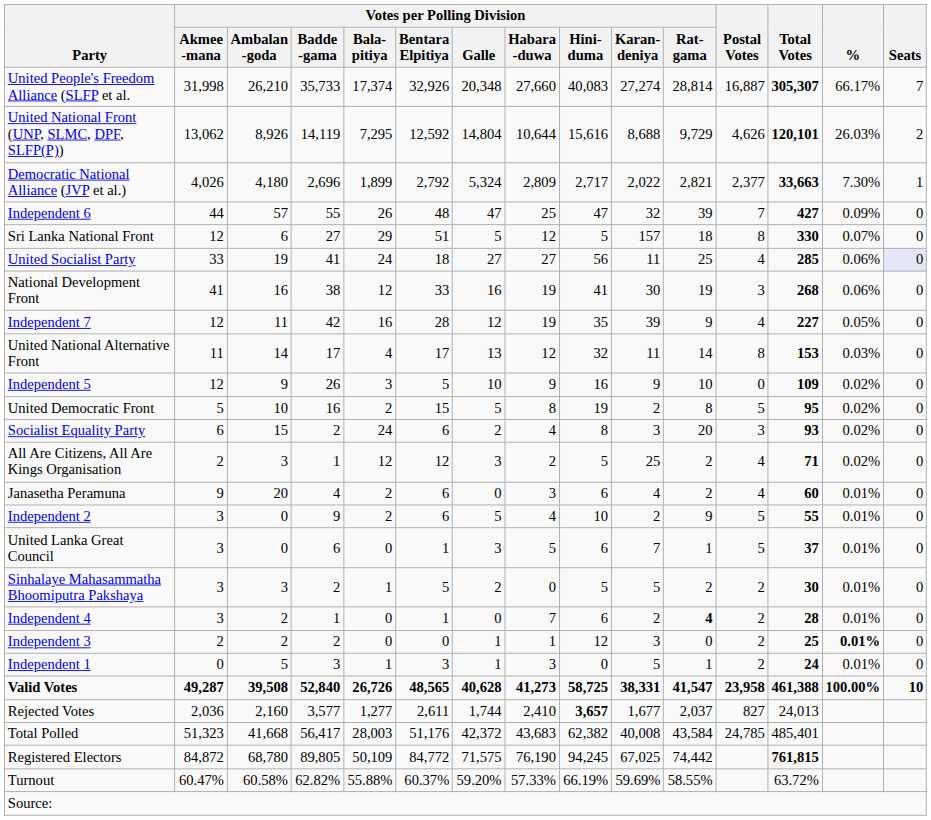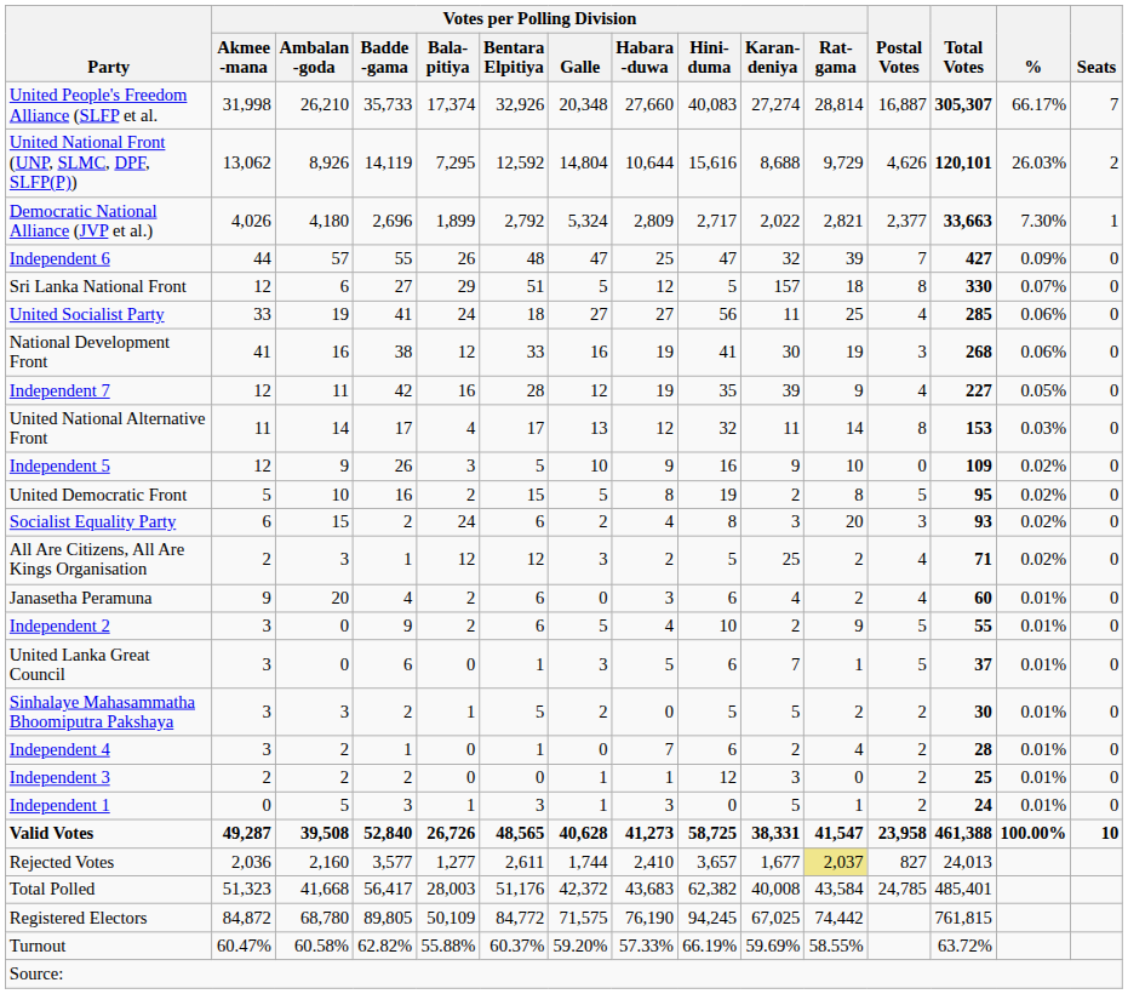 <table class="wikitable" border="1" style="text-align:right;">
 <tr>
 <th rowspan="2" align="left" valign="bottom" width="180">Party</th>
 <th colspan="10">Votes per Polling Division</th>
 <th rowspan="2" align="center" valign="bottom" width="50">Postal<br>Votes</th>
 <th rowspan="2" align="center" valign="bottom" width="50">Total Votes</th>
 <th rowspan="2" align="center" valign="bottom" width="50">%</th>
 <th rowspan="2" align="center" valign="bottom" width="40">Seats</th>
 </tr>
 <tr>
 <th align="center" valign="bottom" width="50">Akmee<br>-mana</th>
 <th align="center" valign="bottom" width="50">Ambalan<br>-goda</th>
 <th align="center" valign="bottom" width="50">Badde<br>-gama</th>
 <th align="center" valign="bottom" width="50">Bala-<br>pitiya</th>
 <th align="center" valign="bottom" width="50">Bentara<br>Elpitiya</th>
 <th align="center" valign="bottom" width="50">Galle</th>
 <th align="center" valign="bottom" width="50">Habara<br>-duwa</th>
 <th align="center" valign="bottom" width="50">Hini-<br>duma</th>
 <th align="center" valign="bottom" width="50">Karan-<br>deniya</th>
 <th align="center" valign="bottom" width="50">Rat-<br>gama</th>
 </tr>
 <tr>
 <td align="left"><a href='#'>United People's Freedom Alliance</a> (<a href='#'>SLFP</a> et al.</td>
 <td>31,998</td>
 <td>26,210</td>
 <td>35,733</td>
 <td>17,374</td>
 <td>32,926</td>
 <td>20,348</td>
 <td>27,660</td>
 <td>40,083</td>
 <td>27,274</td>
 <td>28,814</td>
 <td>16,887</td>
 <td><strong>305,307</strong></td>
 <td>66.17%</td>
 <td>7</td>
 </tr>
 <tr>
 <td align="left"><a href='#'>United National Front</a><br>(<a href='#'>UNP</a>, <a href='#'>SLMC</a>, <a href='#'>DPF</a>, <a href='#'>SLFP(P)</a>)</td>
 <td>13,062</td>
 <td>8,926</td>
 <td>14,119</td>
 <td>7,295</td>
 <td>12,592</td>
 <td>14,804</td>
 <td>10,644</td>
 <td>15,616</td>
 <td>8,688</td>
 <td>9,729</td>
 <td>4,626</td>
 <td><strong>120,101</strong></td>
 <td>26.03%</td>
 <td>2</td>
 </tr>
 <tr>
 <td align="left"><a href='#'>Democratic National Alliance</a> (<a href='#'>JVP</a> et al.)</td>
 <td>4,026</td>
 <td>4,180</td>
 <td>2,696</td>
 <td>1,899</td>
 <td>2,792</td>
 <td>5,324</td>
 <td>2,809</td>
 <td>2,717</td>
 <td>2,022</td>
 <td>2,821</td>
 <td>2,377</td>
 <td><strong>33,663</strong></td>
 <td>7.30%</td>
 <td>1</td>
 </tr>
 <tr>
 <td align="left"><a href='#'>Independent 6</a></td>
 <td>44</td>
 <td>57</td>
 <td>55</td>
 <td>26</td>
 <td>48</td>
 <td>47</td>
 <td>25</td>
 <td>47</td>
 <td>32</td>
 <td>39</td>
 <td>7</td>
 <td><strong>427</strong></td>
 <td>0.09%</td>
 <td>0</td>
 </tr>
 <tr>
 <td align="left">Sri Lanka National Front</td>
 <td>12</td>
 <td>6</td>
 <td>27</td>
 <td>29</td>
 <td>51</td>
 <td>5</td>
 <td>12</td>
 <td>5</td>
 <td>157</td>
 <td>18</td>
 <td>8</td>
 <td><strong>330</strong></td>
 <td>0.07%</td>
 <td>0</td>
 </tr>
 <tr>
 <td align="left"><a href='#'>United Socialist Party</a></td>
 <td>33</td>
 <td>19</td>
 <td>41</td>
 <td>24</td>
 <td>18</td>
 <td>27</td>
 <td>27</td>
 <td>56</td>
 <td>11</td>
 <td>25</td>
 <td>4</td>
 <td><strong>285</strong></td>
 <td>0.06%</td>
-<td style="background: lavender;">0</td>
+<td>0</td>
 </tr>
 <tr>
 <td align="left">National Development Front</td>
 <td>41</td>
 <td>16</td>
 <td>38</td>
 <td>12</td>
 <td>33</td>
 <td>16</td>
 <td>19</td>
 <td>41</td>
 <td>30</td>
 <td>19</td>
 <td>3</td>
 <td><strong>268</strong></td>
 <td>0.06%</td>
 <td>0</td>
 </tr>
 <tr>
 <td align="left"><a href='#'>Independent 7</a></td>
 <td>12</td>
 <td>11</td>
 <td>42</td>
 <td>16</td>
 <td>28</td>
 <td>12</td>
 <td>19</td>
 <td>35</td>
 <td>39</td>
 <td>9</td>
 <td>4</td>
 <td><strong>227</strong></td>
 <td>0.05%</td>
 <td>0</td>
 </tr>
 <tr>
 <td align="left">United National Alternative Front</td>
 <td>11</td>
 <td>14</td>
 <td>17</td>
 <td>4</td>
 <td>17</td>
 <td>13</td>
 <td>12</td>
 <td>32</td>
 <td>11</td>
 <td>14</td>
 <td>8</td>
 <td><strong>153</strong></td>
 <td>0.03%</td>
 <td>0</td>
 </tr>
 <tr>
 <td align="left"><a href='#'>Independent 5</a></td>
 <td>12</td>
 <td>9</td>
 <td>26</td>
 <td>3</td>
 <td>5</td>
 <td>10</td>
 <td>9</td>
 <td>16</td>
 <td>9</td>
 <td>10</td>
 <td>0</td>
 <td><strong>109</strong></td>
 <td>0.02%</td>
 <td>0</td>
 </tr>
 <tr>
 <td align="left">United Democratic Front</td>
 <td>5</td>
 <td>10</td>
 <td>16</td>
 <td>2</td>
 <td>15</td>
 <td>5</td>
 <td>8</td>
 <td>19</td>
 <td>2</td>
 <td>8</td>
 <td>5</td>
 <td><strong>95</strong></td>
 <td>0.02%</td>
 <td>0</td>
 </tr>
 <tr>
 <td align="left"><a href='#'>Socialist Equality Party</a></td>
 <td>6</td>
 <td>15</td>
 <td>2</td>
 <td>24</td>
 <td>6</td>
 <td>2</td>
 <td>4</td>
 <td>8</td>
 <td>3</td>
 <td>20</td>
 <td>3</td>
 <td><strong>93</strong></td>
 <td>0.02%</td>
 <td>0</td>
 </tr>
 <tr>
 <td align="left">All Are Citizens, All Are Kings Organisation</td>
 <td>2</td>
 <td>3</td>
 <td>1</td>
 <td>12</td>
 <td>12</td>
 <td>3</td>
 <td>2</td>
 <td>5</td>
 <td>25</td>
 <td>2</td>
 <td>4</td>
 <td><strong>71</strong></td>
 <td>0.02%</td>
 <td>0</td>
 </tr>
 <tr>
 <td align="left">Janasetha Peramuna</td>
 <td>9</td>
 <td>20</td>
 <td>4</td>
 <td>2</td>
 <td>6</td>
 <td>0</td>
 <td>3</td>
 <td>6</td>
 <td>4</td>
 <td>2</td>
 <td>4</td>
 <td><strong>60</strong></td>
 <td>0.01%</td>
 <td>0</td>
 </tr>
 <tr>
 <td align="left"><a href='#'>Independent 2</a></td>
 <td>3</td>
 <td>0</td>
 <td>9</td>
 <td>2</td>
 <td>6</td>
 <td>5</td>
 <td>4</td>
 <td>10</td>
 <td>2</td>
 <td>9</td>
 <td>5</td>
 <td><strong>55</strong></td>
 <td>0.01%</td>
 <td>0</td>
 </tr>
 <tr>
 <td align="left">United Lanka Great Council</td>
 <td>3</td>
 <td>0</td>
 <td>6</td>
 <td>0</td>
 <td>1</td>
 <td>3</td>
 <td>5</td>
 <td>6</td>
 <td>7</td>
 <td>1</td>
 <td>5</td>
 <td><strong>37</strong></td>
 <td>0.01%</td>
 <td>0</td>
 </tr>
 <tr>
 <td align="left"><a href='#'>Sinhalaye Mahasammatha Bhoomiputra Pakshaya</a></td>
 <td>3</td>
 <td>3</td>
 <td>2</td>
 <td>1</td>
 <td>5</td>
 <td>2</td>
 <td>0</td>
 <td>5</td>
 <td>5</td>
 <td>2</td>
 <td>2</td>
 <td><strong>30</strong></td>
 <td>0.01%</td>
 <td>0</td>
 </tr>
 <tr>
 <td align="left"><a href='#'>Independent 4</a></td>
 <td>3</td>
 <td>2</td>
 <td>1</td>
 <td>0</td>
 <td>1</td>
 <td>0</td>
 <td>7</td>
 <td>6</td>
 <td>2</td>
-<td><strong>4</strong></td>
+<td>4</td>
 <td>2</td>
 <td><strong>28</strong></td>
 <td>0.01%</td>
 <td>0</td>
 </tr>
 <tr>
 <td align="left"><a href='#'>Independent 3</a></td>
 <td>2</td>
 <td>2</td>
 <td>2</td>
 <td>0</td>
 <td>0</td>
 <td>1</td>
 <td>1</td>
 <td>12</td>
 <td>3</td>
 <td>0</td>
 <td>2</td>
 <td><strong>25</strong></td>
-<td><strong>0.01%</strong></td>
+<td>0.01%</td>
 <td>0</td>
 </tr>
 <tr>
 <td align="left"><a href='#'>Independent 1</a></td>
 <td>0</td>
 <td>5</td>
 <td>3</td>
 <td>1</td>
 <td>3</td>
 <td>1</td>
 <td>3</td>
 <td>0</td>
 <td>5</td>
 <td>1</td>
 <td>2</td>
 <td><strong>24</strong></td>
 <td>0.01%</td>
 <td>0</td>
 </tr>
 <tr>
 <td align="left"><strong>Valid Votes</strong></td>
 <td><strong>49,287</strong></td>
 <td><strong>39,508</strong></td>
 <td><strong>52,840</strong></td>
 <td><strong>26,726</strong></td>
 <td><strong>48,565</strong></td>
 <td><strong>40,628</strong></td>
 <td><strong>41,273</strong></td>
 <td><strong>58,725</strong></td>
 <td><strong>38,331</strong></td>
 <td><strong>41,547</strong></td>
 <td><strong>23,958</strong></td>
 <td><strong>461,388</strong></td>
 <td><strong>100.00%</strong></td>
 <td><strong>10</strong></td>
 </tr>
 <tr>
 <td align="left">Rejected Votes</td>
 <td>2,036</td>
 <td>2,160</td>
 <td>3,577</td>
 <td>1,277</td>
 <td>2,611</td>
 <td>1,744</td>
 <td>2,410</td>
-<td><strong>3,657</strong></td>
+<td>3,657</td>
 <td>1,677</td>
-<td>2,037</td>
+<td style="background: khaki;">2,037</td>
 <td>827</td>
 <td>24,013</td>
 <td></td>
 <td></td>
 </tr>
 <tr>
 <td align="left">Total Polled</td>
 <td>51,323</td>
 <td>41,668</td>
 <td>56,417</td>
 <td>28,003</td>
 <td>51,176</td>
 <td>42,372</td>
 <td>43,683</td>
 <td>62,382</td>
 <td>40,008</td>
 <td>43,584</td>
 <td>24,785</td>
 <td>485,401</td>
 <td></td>
 <td></td>
 </tr>
 <tr>
 <td align="left">Registered Electors</td>
 <td>84,872</td>
 <td>68,780</td>
 <td>89,805</td>
 <td>50,109</td>
 <td>84,772</td>
 <td>71,575</td>
 <td>76,190</td>
 <td>94,245</td>
 <td>67,025</td>
 <td>74,442</td>
 <td></td>
-<td><strong>761,815</strong></td>
+<td>761,815</td>
 <td></td>
 <td></td>
 </tr>
 <tr>
 <td align="left">Turnout</td>
 <td>60.47%</td>
 <td>60.58%</td>
 <td>62.82%</td>
 <td>55.88%</td>
 <td>60.37%</td>
 <td>59.20%</td>
 <td>57.33%</td>
 <td>66.19%</td>
 <td>59.69%</td>
 <td>58.55%</td>
 <td></td>
 <td>63.72%</td>
 <td></td>
 <td></td>
 </tr>
 <tr>
 <td colspan="16" align="left">Source:</td>
 </tr>
 </table>
